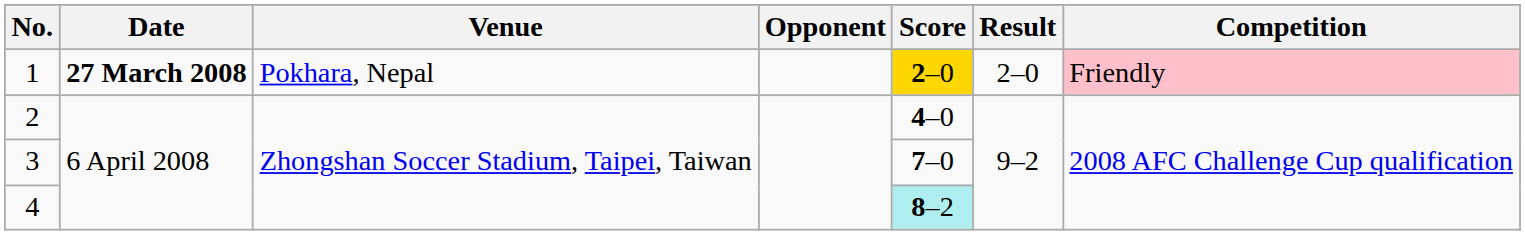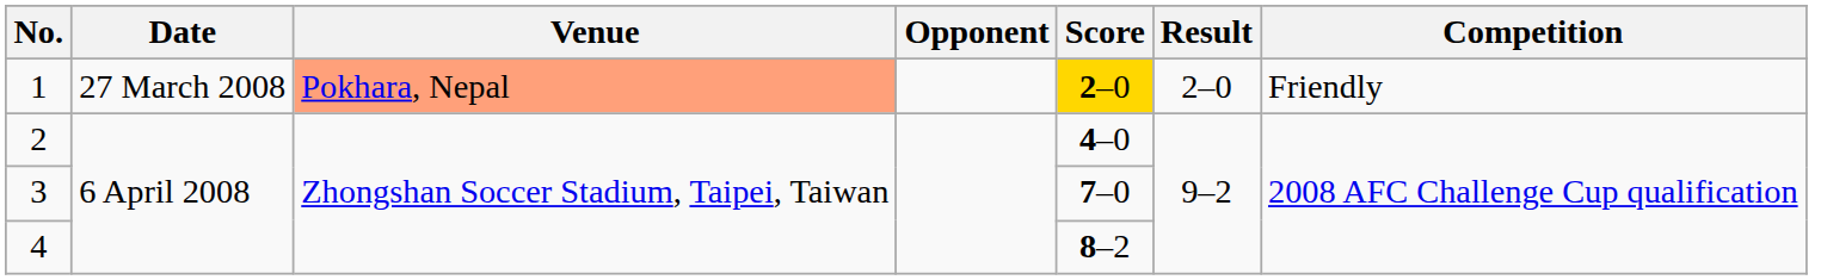 <table class="wikitable plainrowheaders sortable">
 <tr>
 <th scope="col">No.</th>
 <th scope="col">Date</th>
 <th scope="col">Venue</th>
 <th scope="col">Opponent</th>
 <th scope="col">Score</th>
 <th scope="col">Result</th>
 <th scope="col">Competition</th>
 </tr>
 <tr>
 <td align="center">1</td>
-<td><strong>27 March 2008</strong></td>
-<td><a href='#'>Pokhara</a>, Nepal</td>
+<td>27 March 2008</td>
+<td style="background: lightsalmon;"><a href='#'>Pokhara</a>, Nepal</td>
 <td></td>
 <td align="center" style="background: gold;"><strong>2</strong>–0</td>
 <td align="center">2–0</td>
-<td style="background: pink;">Friendly</td>
+<td>Friendly</td>
 </tr>
 <tr>
 <td align="center">2</td>
 <td rowspan="3">6 April 2008</td>
 <td rowspan="3"><a href='#'>Zhongshan Soccer Stadium</a>, <a href='#'>Taipei</a>, Taiwan</td>
 <td rowspan="3"></td>
 <td align="center"><strong>4</strong>–0</td>
 <td rowspan="3" align="center">9–2</td>
 <td rowspan="3"><a href='#'>2008 AFC Challenge Cup qualification</a></td>
 </tr>
 <tr>
 <td align="center">3</td>
 <td align="center"><strong>7</strong>–0</td>
 </tr>
 <tr>
 <td align="center">4</td>
-<td align="center" style="background: paleturquoise;"><strong>8</strong>–2</td>
+<td align="center"><strong>8</strong>–2</td>
 </tr>
 </table>
